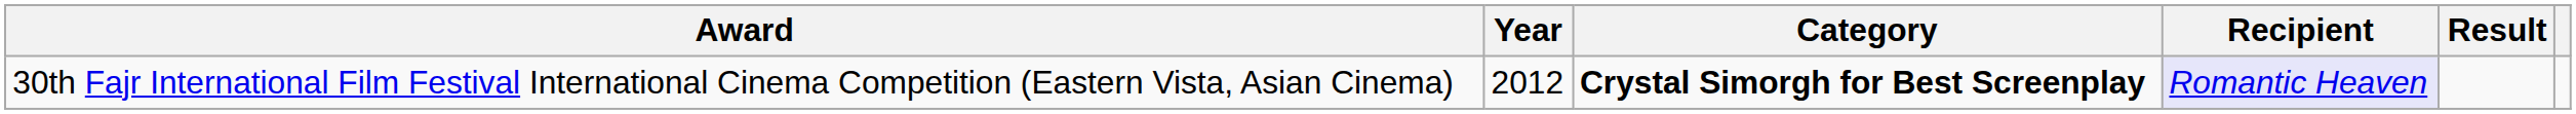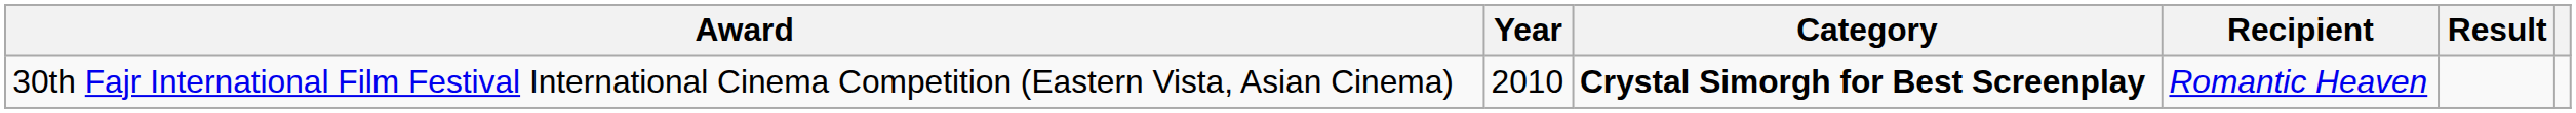 <table class="wikitable" style="clear:none; font-size:100%; padding:0 auto; width:100%; margin:auto">
 <tr>
 <th scope="col">Award</th>
 <th scope="col">Year</th>
 <th scope="col">Category</th>
 <th scope="col">Recipient</th>
 <th scope="col">Result</th>
 <th></th>
 </tr>
 <tr>
 <td>30th <a href='#'>Fajr International Film Festival</a> International Cinema Competition (Eastern Vista, Asian Cinema)</td>
-<td>2012</td>
+<td>2010</td>
 <td><strong>Crystal Simorgh for Best Screenplay</strong></td>
-<td style="background: lavender;"><em><a href='#'>Romantic Heaven</a></em></td>
+<td><em><a href='#'>Romantic Heaven</a></em></td>
 <td></td>
 <td></td>
 </tr>
 </table>
